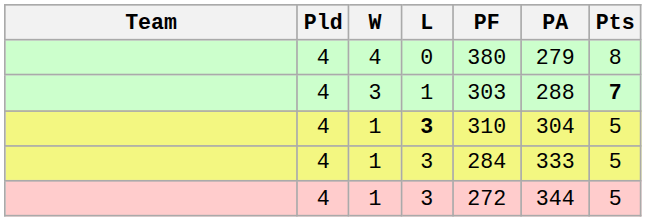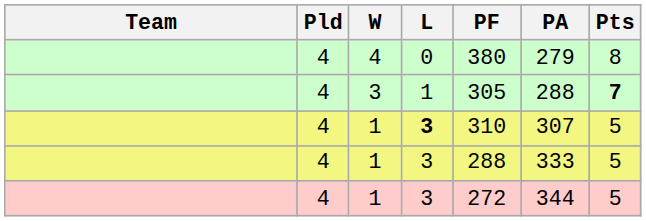 <table class="wikitable" style="text-align:center;">
 <tr>
 <th width=170>Team</th>
 <th width=25>Pld</th>
 <th width=25>W</th>
 <th width=25>L</th>
 <th width=35>PF</th>
 <th width=35>PA</th>
 <th width=25>Pts</th>
 </tr>
 <tr bgcolor=#ccffcc>
 <td align="left"></td>
 <td>4</td>
 <td>4</td>
 <td>0</td>
 <td>380</td>
 <td>279</td>
 <td>8</td>
 </tr>
 <tr bgcolor=#ccffcc>
 <td align="left"></td>
 <td>4</td>
 <td>3</td>
 <td>1</td>
-<td>303</td>
+<td>305</td>
 <td>288</td>
 <td><strong>7</strong></td>
 </tr>
 <tr bgcolor=#F3F781>
 <td align="left"></td>
 <td>4</td>
 <td>1</td>
 <td><strong>3</strong></td>
 <td>310</td>
-<td>304</td>
+<td>307</td>
 <td>5</td>
 </tr>
 <tr bgcolor=#F3F781>
 <td align="left"></td>
 <td>4</td>
 <td>1</td>
 <td>3</td>
-<td>284</td>
+<td>288</td>
 <td>333</td>
 <td>5</td>
 </tr>
 <tr bgcolor=#ffcccc>
 <td align="left"></td>
 <td>4</td>
 <td>1</td>
 <td>3</td>
 <td>272</td>
 <td>344</td>
 <td>5</td>
 </tr>
 </table>
